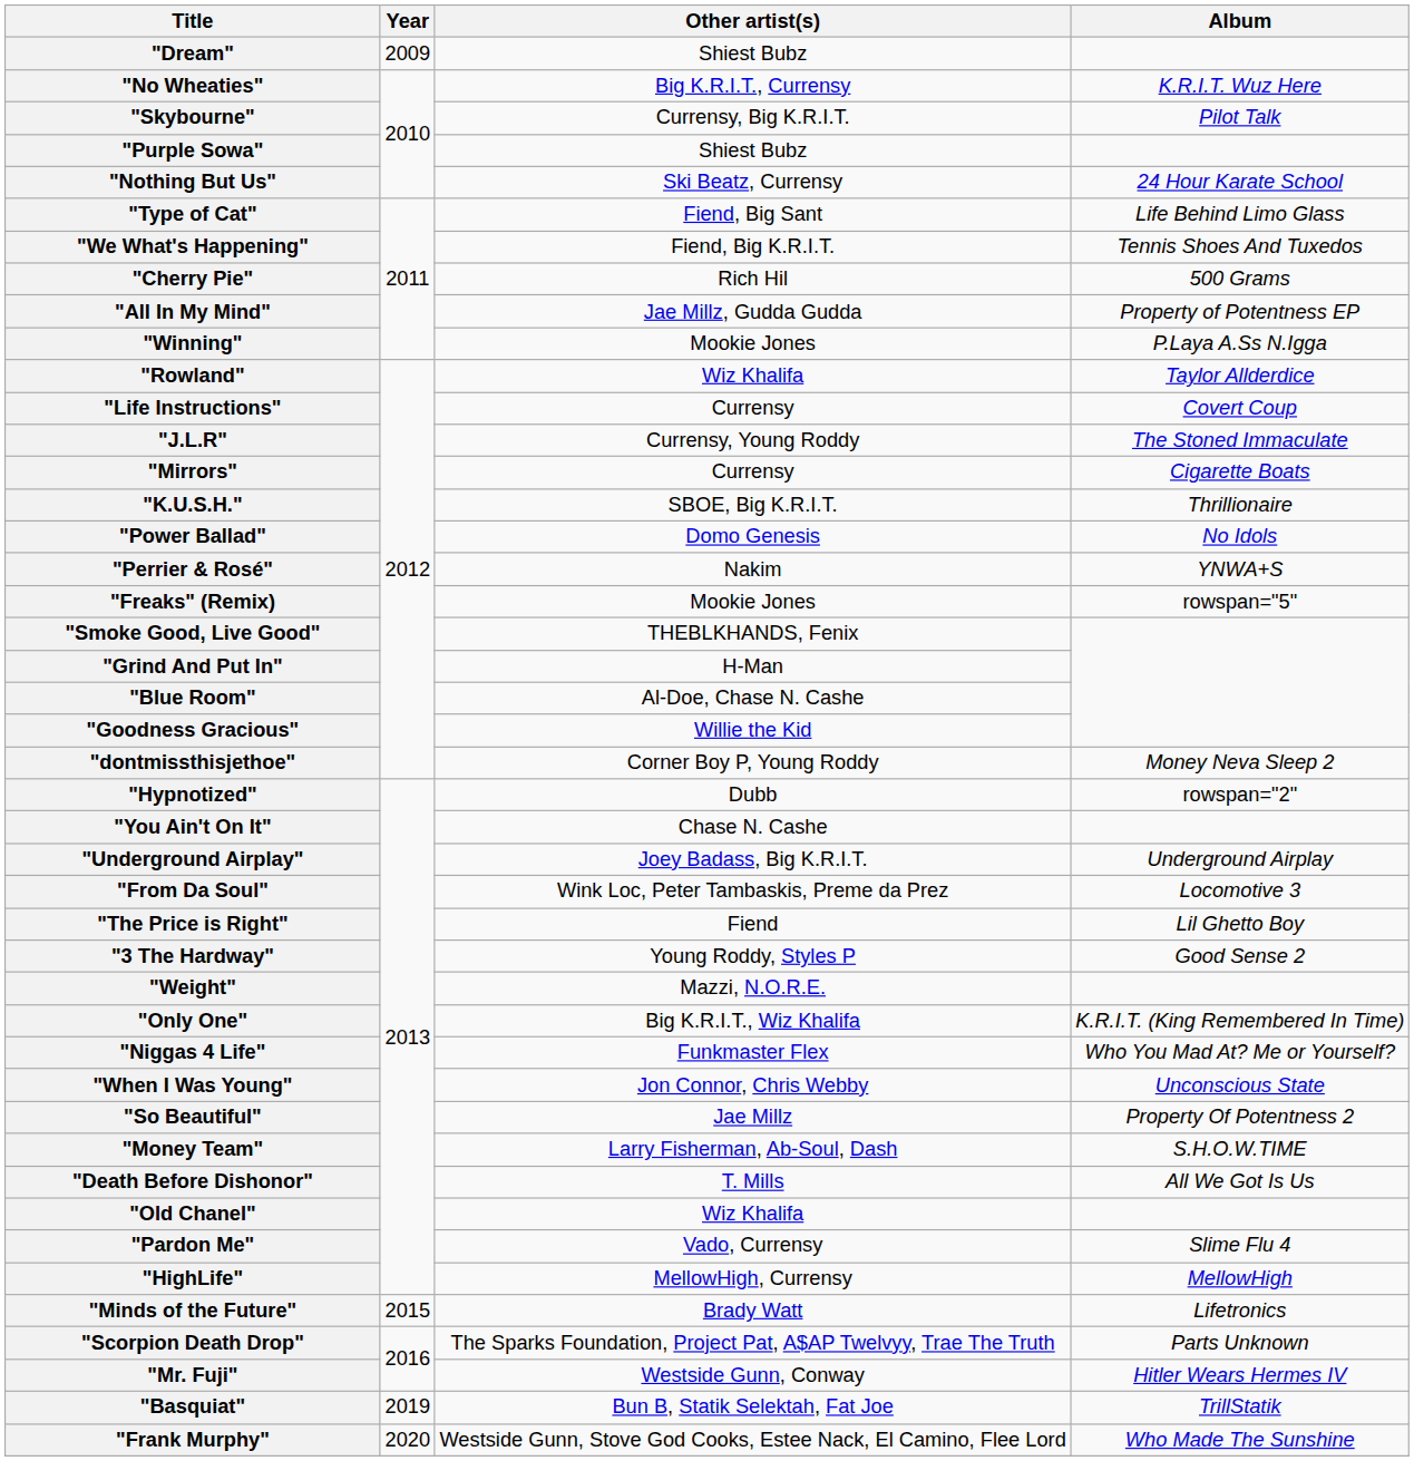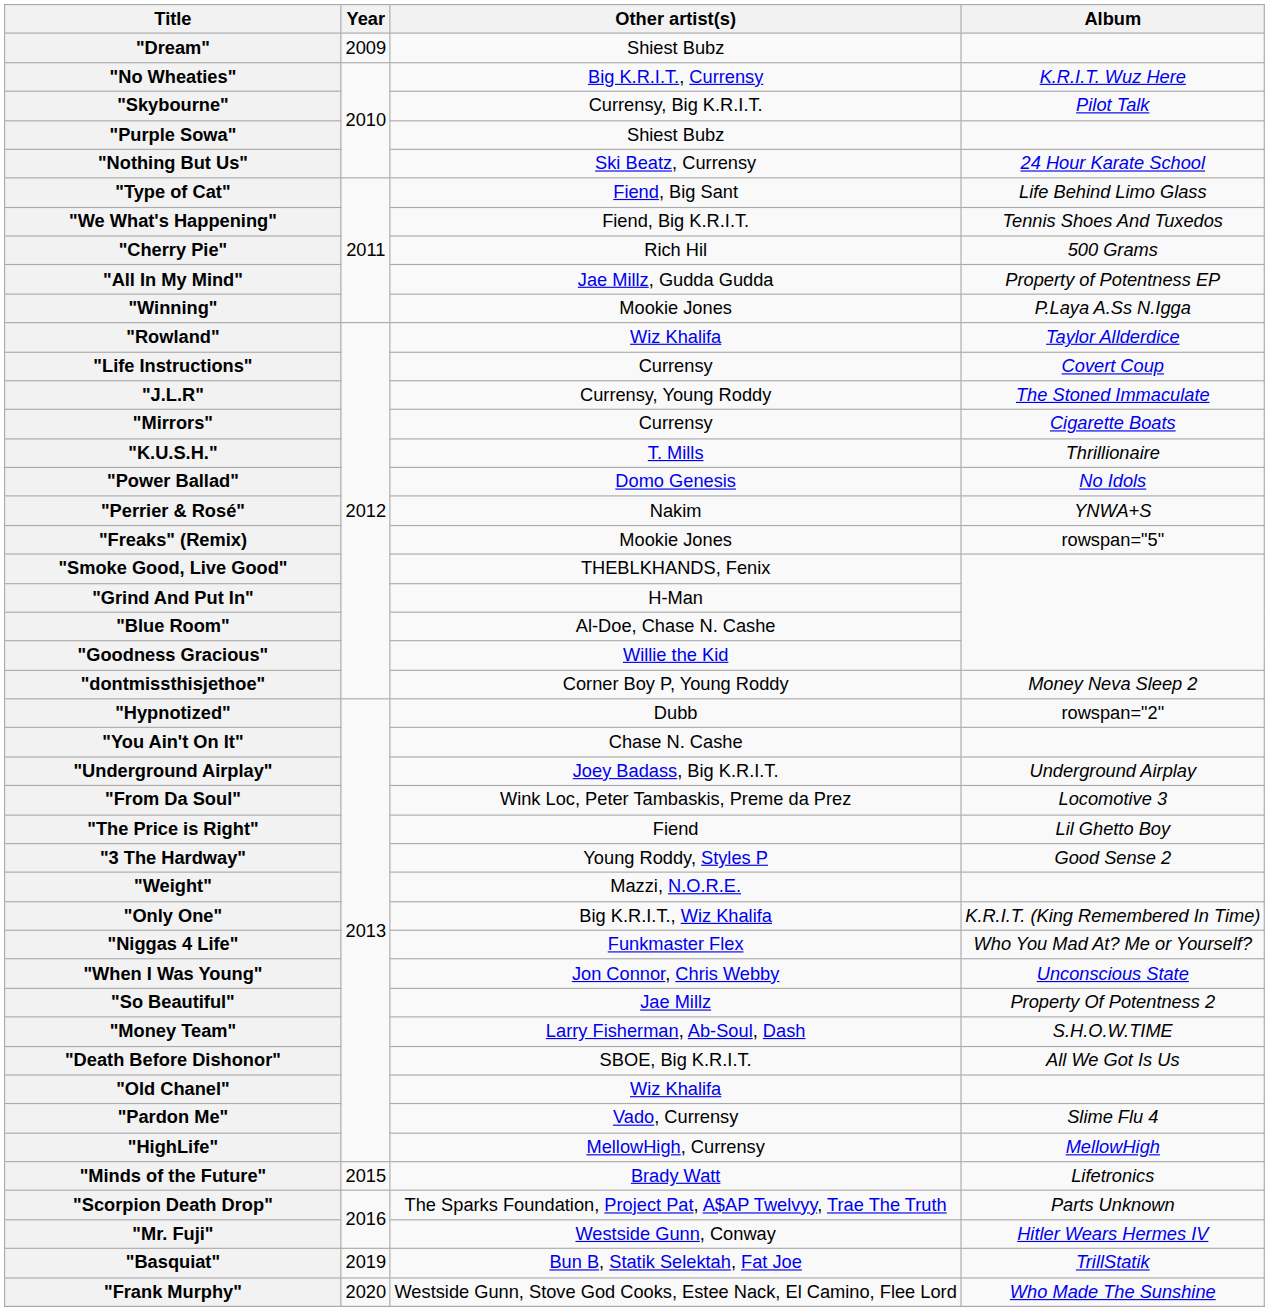 <table class="wikitable plainrowheaders" style="text-align:center;">
 <tr>
 <th scope="col" style="width:18em;">Title</th>
 <th scope="col">Year</th>
 <th scope="col">Other artist(s)</th>
 <th scope="col">Album</th>
 </tr>
 <tr>
 <th scope="row">"Dream"</th>
 <td>2009</td>
 <td>Shiest Bubz</td>
 <td></td>
 </tr>
 <tr>
 <th scope="row">"No Wheaties"</th>
 <td rowspan="4">2010</td>
 <td><a href='#'>Big K.R.I.T.</a>, <a href='#'>Currensy</a></td>
 <td><em><a href='#'>K.R.I.T. Wuz Here</a></em></td>
 </tr>
 <tr>
 <th scope="row">"Skybourne"</th>
 <td>Currensy, Big K.R.I.T.</td>
 <td><em><a href='#'>Pilot Talk</a></em></td>
 </tr>
 <tr>
 <th scope="row">"Purple Sowa"</th>
 <td>Shiest Bubz</td>
 <td></td>
 </tr>
 <tr>
 <th scope="row">"Nothing But Us"</th>
 <td><a href='#'>Ski Beatz</a>, Currensy</td>
 <td><em><a href='#'>24 Hour Karate School</a></em></td>
 </tr>
 <tr>
 <th scope="row">"Type of Cat"</th>
 <td rowspan="5">2011</td>
 <td><a href='#'>Fiend</a>, Big Sant</td>
 <td><em>Life Behind Limo Glass</em></td>
 </tr>
 <tr>
 <th scope="row">"We What's Happening"</th>
 <td>Fiend, Big K.R.I.T.</td>
 <td><em>Tennis Shoes And Tuxedos</em></td>
 </tr>
 <tr>
 <th scope="row">"Cherry Pie"</th>
 <td>Rich Hil</td>
 <td><em>500 Grams</em></td>
 </tr>
 <tr>
 <th scope="row">"All In My Mind"</th>
 <td><a href='#'>Jae Millz</a>, Gudda Gudda</td>
 <td><em>Property of Potentness EP</em></td>
 </tr>
 <tr>
 <th scope="row">"Winning"</th>
 <td>Mookie Jones</td>
 <td><em>P.Laya A.Ss N.Igga</em></td>
 </tr>
 <tr>
 <th scope="row">"Rowland"</th>
 <td rowspan="13">2012</td>
 <td><a href='#'>Wiz Khalifa</a></td>
 <td><em><a href='#'>Taylor Allderdice</a></em></td>
 </tr>
 <tr>
 <th scope="row">"Life Instructions"</th>
 <td>Currensy</td>
 <td><em><a href='#'>Covert Coup</a></em></td>
 </tr>
 <tr>
 <th scope="row">"J.L.R"</th>
 <td>Currensy, Young Roddy</td>
 <td><em><a href='#'>The Stoned Immaculate</a></em></td>
 </tr>
 <tr>
 <th scope="row">"Mirrors"</th>
 <td>Currensy</td>
 <td><em><a href='#'>Cigarette Boats</a></em></td>
 </tr>
 <tr>
 <th scope="row">"K.U.S.H."</th>
-<td>SBOE, Big K.R.I.T.</td>
+<td><a href='#'>T. Mills</a></td>
 <td><em>Thrillionaire</em></td>
 </tr>
 <tr>
 <th scope="row">"Power Ballad"</th>
 <td><a href='#'>Domo Genesis</a></td>
 <td><em><a href='#'>No Idols</a></em></td>
 </tr>
 <tr>
 <th scope="row">"Perrier & Rosé"</th>
 <td>Nakim</td>
 <td><em>YNWA+S</em></td>
 </tr>
 <tr>
 <th scope="row">"Freaks" (Remix)</th>
 <td>Mookie Jones</td>
 <td>rowspan="5" </td>
 </tr>
 <tr>
 <th scope="row">"Smoke Good, Live Good"</th>
 <td>THEBLKHANDS, Fenix</td>
 </tr>
 <tr>
 <th scope="row">"Grind And Put In"</th>
 <td>H-Man</td>
 </tr>
 <tr>
 <th scope="row">"Blue Room"</th>
 <td>Al-Doe, Chase N. Cashe</td>
 </tr>
 <tr>
 <th scope="row">"Goodness Gracious"</th>
 <td><a href='#'>Willie the Kid</a></td>
 </tr>
 <tr>
 <th scope="row">"dontmissthisjethoe"</th>
 <td>Corner Boy P, Young Roddy</td>
 <td><em>Money Neva Sleep 2</em></td>
 </tr>
 <tr>
 <th scope="row">"Hypnotized"</th>
 <td rowspan="16">2013</td>
 <td>Dubb</td>
 <td>rowspan="2" </td>
 </tr>
 <tr>
 <th scope="row">"You Ain't On It"</th>
 <td>Chase N. Cashe</td>
 </tr>
 <tr>
 <th scope="row">"Underground Airplay"</th>
 <td><a href='#'>Joey Badass</a>, Big K.R.I.T.</td>
 <td><em>Underground Airplay</em></td>
 </tr>
 <tr>
 <th scope="row">"From Da Soul"</th>
 <td>Wink Loc, Peter Tambaskis, Preme da Prez</td>
 <td><em>Locomotive 3</em></td>
 </tr>
 <tr>
 <th scope="row">"The Price is Right"</th>
 <td>Fiend</td>
 <td><em>Lil Ghetto Boy</em></td>
 </tr>
 <tr>
 <th scope="row">"3 The Hardway"</th>
 <td>Young Roddy, <a href='#'>Styles P</a></td>
 <td><em>Good Sense 2</em></td>
 </tr>
 <tr>
 <th scope="row">"Weight"</th>
 <td>Mazzi, <a href='#'>N.O.R.E.</a></td>
 <td></td>
 </tr>
 <tr>
 <th scope="row">"Only One"</th>
 <td>Big K.R.I.T., <a href='#'>Wiz Khalifa</a></td>
 <td><em>K.R.I.T. (King Remembered In Time)</em></td>
 </tr>
 <tr>
 <th scope="row">"Niggas 4 Life"</th>
 <td><a href='#'>Funkmaster Flex</a></td>
 <td><em>Who You Mad At? Me or Yourself?</em></td>
 </tr>
 <tr>
 <th scope="row">"When I Was Young"</th>
 <td><a href='#'>Jon Connor</a>, <a href='#'>Chris Webby</a></td>
 <td><em><a href='#'>Unconscious State</a></em></td>
 </tr>
 <tr>
 <th scope="row">"So Beautiful"</th>
 <td><a href='#'>Jae Millz</a></td>
 <td><em>Property Of Potentness 2</em></td>
 </tr>
 <tr>
 <th scope="row">"Money Team"</th>
 <td><a href='#'>Larry Fisherman</a>, <a href='#'>Ab-Soul</a>, <a href='#'>Dash</a></td>
 <td><em>S.H.O.W.TIME</em></td>
 </tr>
 <tr>
 <th scope="row">"Death Before Dishonor"</th>
-<td><a href='#'>T. Mills</a></td>
+<td>SBOE, Big K.R.I.T.</td>
 <td><em>All We Got Is Us</em></td>
 </tr>
 <tr>
 <th scope="row">"Old Chanel"</th>
 <td><a href='#'>Wiz Khalifa</a></td>
 <td></td>
 </tr>
 <tr>
 <th scope="row">"Pardon Me"</th>
 <td><a href='#'>Vado</a>, Currensy</td>
 <td><em>Slime Flu 4</em></td>
 </tr>
 <tr>
 <th scope="row">"HighLife"</th>
 <td><a href='#'>MellowHigh</a>, Currensy</td>
 <td><em><a href='#'>MellowHigh</a></em></td>
 </tr>
 <tr>
 <th scope="row">"Minds of the Future"</th>
 <td rowspan="1">2015</td>
 <td><a href='#'>Brady Watt</a></td>
 <td><em>Lifetronics</em></td>
 </tr>
 <tr>
 <th scope="row">"Scorpion Death Drop"</th>
 <td rowspan="2">2016</td>
 <td>The Sparks Foundation, <a href='#'>Project Pat</a>, <a href='#'>A$AP Twelvyy</a>, <a href='#'>Trae The Truth</a></td>
 <td><em>Parts Unknown</em></td>
 </tr>
 <tr>
 <th scope="row">"Mr. Fuji"</th>
 <td><a href='#'>Westside Gunn</a>, Conway</td>
 <td><em><a href='#'>Hitler Wears Hermes IV</a></em></td>
 </tr>
 <tr>
 <th scope="row">"Basquiat"</th>
 <td rowspan="1">2019</td>
 <td><a href='#'>Bun B</a>, <a href='#'>Statik Selektah</a>, <a href='#'>Fat Joe</a></td>
 <td><em><a href='#'>TrillStatik</a></em></td>
 </tr>
 <tr>
 <th scope="row">"Frank Murphy"</th>
 <td rowspan="1">2020</td>
 <td>Westside Gunn, Stove God Cooks, Estee Nack, El Camino, Flee Lord</td>
 <td><em><a href='#'>Who Made The Sunshine</a></em></td>
 </tr>
 <tr>
 </tr>
 </table>
